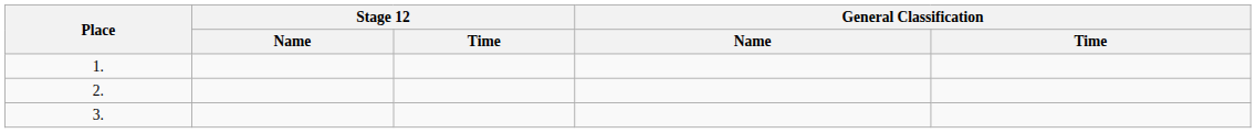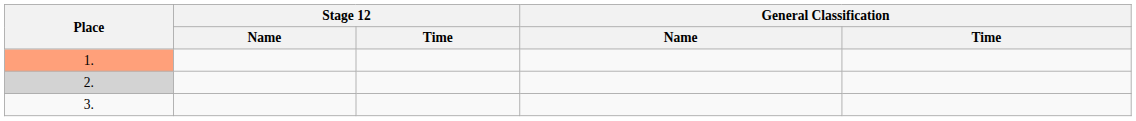 <table class="wikitable"  style="font-size:95%; width:80%;">
 <tr>
 <th rowspan="2">Place</th>
 <th colspan="2">Stage 12</th>
 <th colspan="2">General Classification</th>
 </tr>
 <tr>
 <th>Name</th>
 <th>Time</th>
 <th>Name</th>
 <th>Time</th>
 </tr>
 <tr>
-<td style="text-align:center;">1.</td>
+<td style="background: lightsalmon; text-align:center;">1.</td>
 <td></td>
 <td></td>
 <td></td>
 <td></td>
 </tr>
 <tr>
-<td style="text-align:center;">2.</td>
+<td style="background: lightgrey; text-align:center;">2.</td>
 <td></td>
 <td></td>
 <td></td>
 <td></td>
 </tr>
 <tr>
 <td style="text-align:center;">3.</td>
 <td></td>
 <td></td>
 <td></td>
 <td></td>
 </tr>
 </table>
